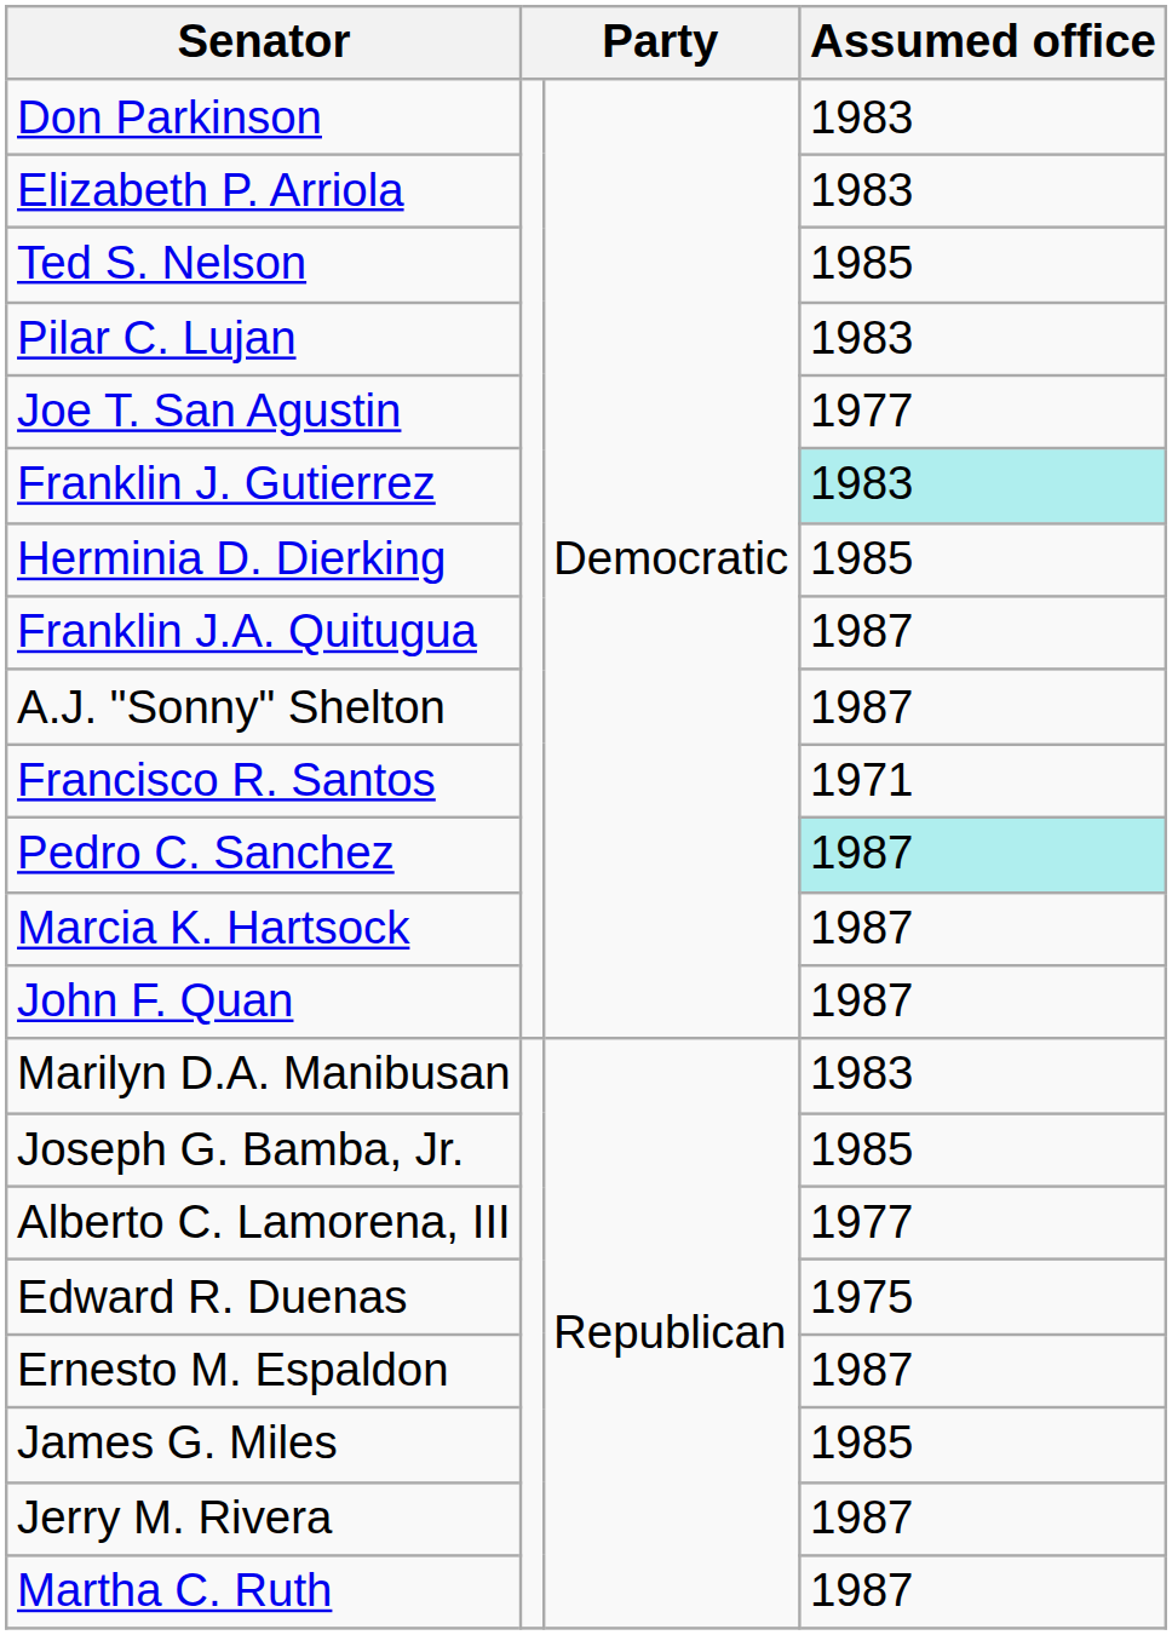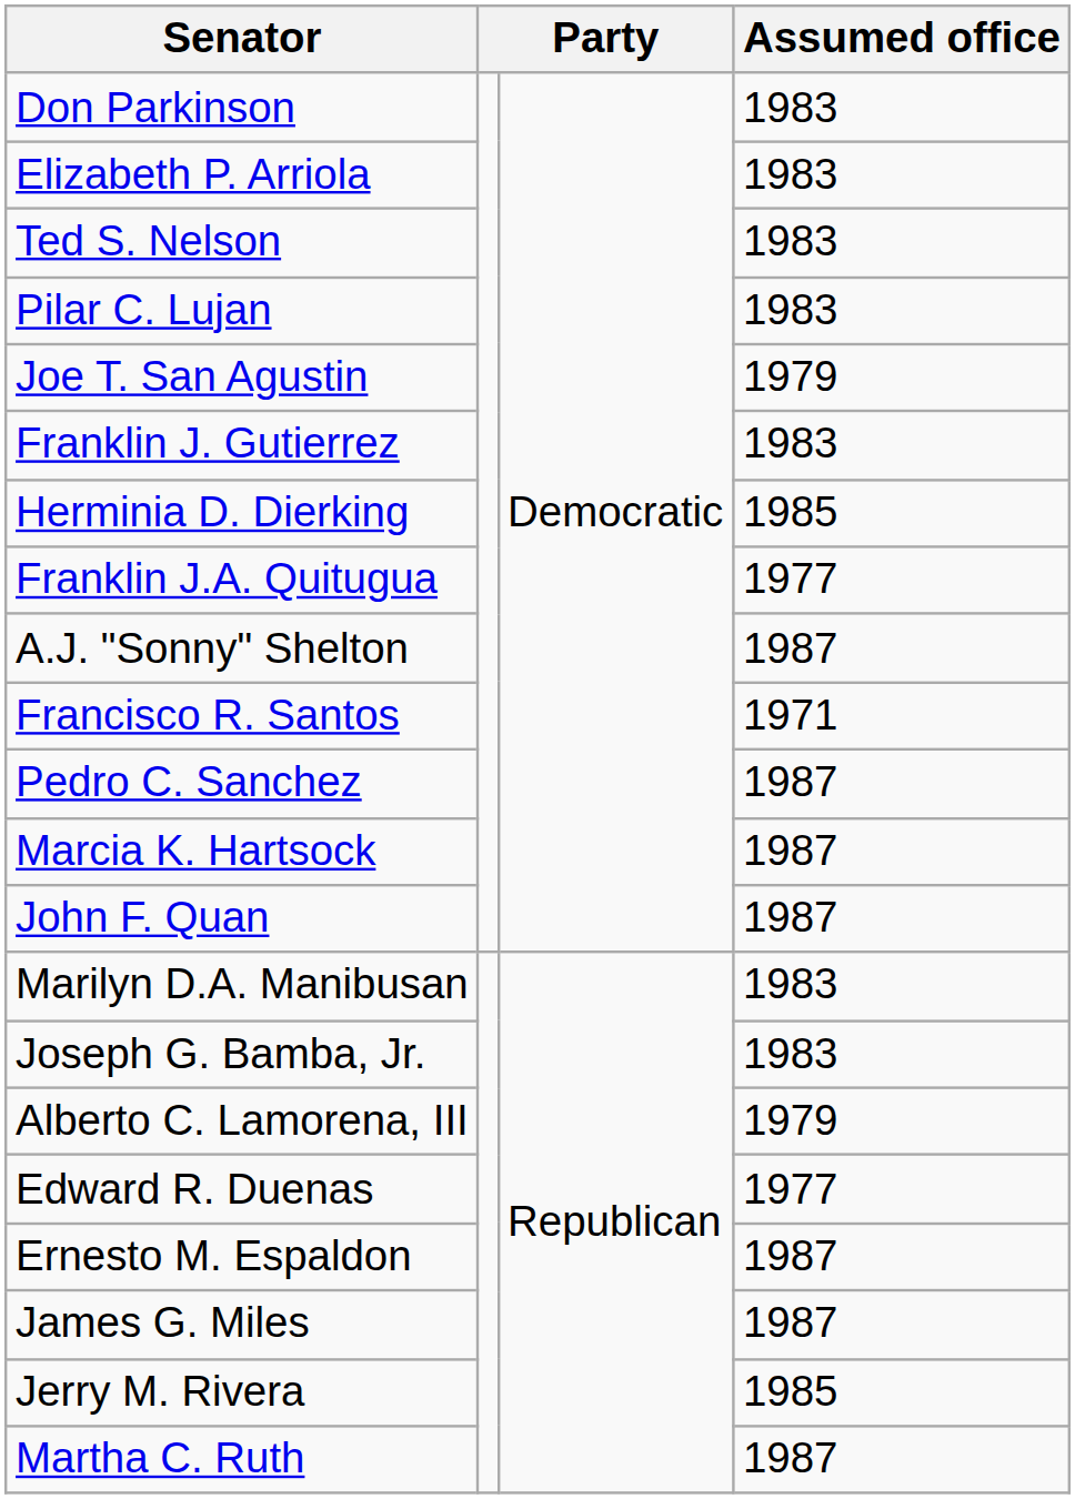 <table class="wikitable sortable" id="votingmembers">
 <tr style="vertical-align:bottom;">
 <th>Senator</th>
 <th colspan=2>Party</th>
 <th>Assumed office</th>
 </tr>
 <tr>
 <td><a href='#'>Don Parkinson</a></td>
 <td rowspan="13" style="background-color:"></td>
 <td rowspan="13">Democratic</td>
 <td>1983</td>
 </tr>
 <tr>
 <td><a href='#'>Elizabeth P. Arriola</a></td>
 <td>1983</td>
 </tr>
 <tr>
 <td><a href='#'>Ted S. Nelson</a></td>
-<td>1985</td>
+<td>1983</td>
 </tr>
 <tr>
 <td><a href='#'>Pilar C. Lujan</a></td>
 <td>1983</td>
 </tr>
 <tr>
 <td><a href='#'>Joe T. San Agustin</a></td>
-<td>1977</td>
+<td>1979</td>
 </tr>
 <tr>
 <td><a href='#'>Franklin J. Gutierrez</a></td>
-<td style="background: paleturquoise;">1983</td>
+<td>1983</td>
 </tr>
 <tr>
 <td><a href='#'>Herminia D. Dierking</a></td>
 <td>1985</td>
 </tr>
 <tr>
 <td><a href='#'>Franklin J.A. Quitugua</a></td>
-<td>1987</td>
+<td>1977</td>
 </tr>
 <tr>
 <td>A.J. "Sonny" Shelton</td>
 <td>1987</td>
 </tr>
 <tr>
 <td><a href='#'>Francisco R. Santos</a></td>
 <td>1971</td>
 </tr>
 <tr>
 <td><a href='#'>Pedro C. Sanchez</a></td>
-<td style="background: paleturquoise;">1987</td>
+<td>1987</td>
 </tr>
 <tr>
 <td><a href='#'>Marcia K. Hartsock</a></td>
 <td>1987</td>
 </tr>
 <tr>
 <td><a href='#'>John F. Quan</a></td>
 <td>1987</td>
 </tr>
 <tr>
 <td>Marilyn D.A. Manibusan</td>
 <td rowspan="8" style="background-color:"></td>
 <td rowspan="8">Republican</td>
 <td>1983</td>
 </tr>
 <tr>
 <td>Joseph G. Bamba, Jr.</td>
-<td>1985</td>
+<td>1983</td>
 </tr>
 <tr>
 <td>Alberto C. Lamorena, III</td>
-<td>1977</td>
+<td>1979</td>
 </tr>
 <tr>
 <td>Edward R. Duenas</td>
-<td>1975</td>
+<td>1977</td>
 </tr>
 <tr>
 <td>Ernesto M. Espaldon</td>
 <td>1987</td>
 </tr>
 <tr>
 <td>James G. Miles</td>
-<td>1985</td>
+<td>1987</td>
 </tr>
 <tr>
 <td>Jerry M. Rivera</td>
-<td>1987</td>
+<td>1985</td>
 </tr>
 <tr>
 <td><a href='#'>Martha C. Ruth</a></td>
 <td>1987</td>
 </tr>
 </table>
